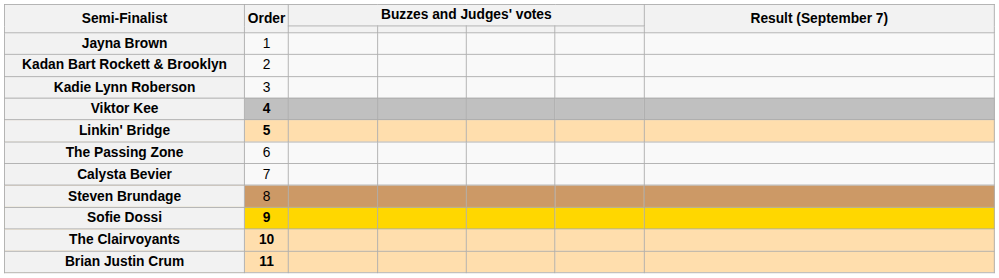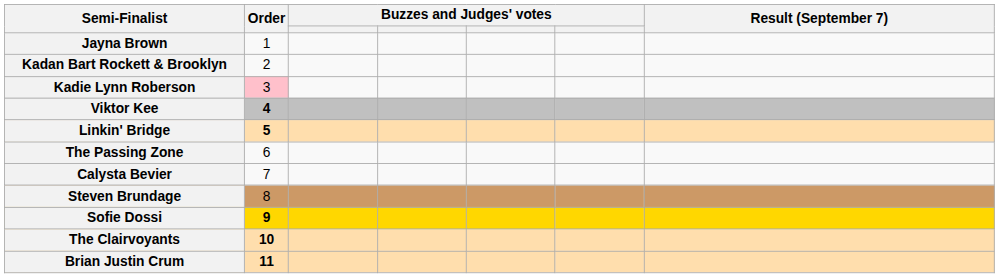 <table class="wikitable plainrowheaders sortable" style="text-align:center;">
 <tr>
 <th scope="col" rowspan="2" class="unsortable" style="width:17em;">Semi-Finalist</th>
 <th scope="col" rowspan="2" style="width:1em;">Order</th>
 <th scope="col" colspan="4" class="unsortable" style="width:24em;">Buzzes and Judges' votes</th>
 <th scope="col" rowspan="2" style="width:25em;">Result (September 7)</th>
 </tr>
 <tr>
 <th scope="col" class="unsortable" style="width:6em;"></th>
 <th scope="col" class="unsortable" style="width:6em;"></th>
 <th scope="col" class="unsortable" style="width:6em;"></th>
 <th scope="col" class="unsortable" style="width:6em;"></th>
 </tr>
 <tr>
 <th scope="row">Jayna Brown</th>
 <td>1</td>
 <td style="text-align:center;"></td>
 <td style="text-align:center;"></td>
 <td style="text-align:center;"></td>
 <td style="text-align:center;"></td>
 <td></td>
 </tr>
 <tr>
 <th scope="row">Kadan Bart Rockett & Brooklyn</th>
 <td>2</td>
 <td style="text-align:center;"></td>
 <td style="text-align:center;"></td>
 <td style="text-align:center;"></td>
 <td style="text-align:center;"></td>
 <td></td>
 </tr>
 <tr>
 <th scope="row">Kadie Lynn Roberson</th>
-<td>3</td>
+<td style="background: pink;">3</td>
 <td style="text-align:center;"></td>
 <td style="text-align:center;"></td>
 <td style="text-align:center;"></td>
 <td style="text-align:center;"></td>
 <td></td>
 </tr>
 <tr style="background:silver;">
 <th scope="row"><strong>Viktor Kee</strong></th>
 <td><strong>4</strong></td>
 <td style="text-align:center;"></td>
 <td style="text-align:center;"></td>
 <td style="text-align:center;"></td>
 <td style="text-align:center;"></td>
 <td><strong></strong></td>
 </tr>
 <tr style="background:NavajoWhite;">
 <th scope="row"><strong>Linkin' Bridge</strong></th>
 <td><strong>5</strong></td>
 <td style="text-align:center;"></td>
 <td style="text-align:center;"></td>
 <td style="text-align:center;"></td>
 <td style="text-align:center;"></td>
 <td><strong></strong></td>
 </tr>
 <tr>
 <th scope="row">The Passing Zone</th>
 <td>6</td>
 <td style="text-align:center;"></td>
 <td style="text-align:center;"></td>
 <td style="text-align:center;"></td>
 <td style="text-align:center;"></td>
 <td></td>
 </tr>
 <tr>
 <th scope="row">Calysta Bevier</th>
 <td>7</td>
 <td style="text-align:center;"></td>
 <td style="text-align:center;"></td>
 <td style="text-align:center;"></td>
 <td style="text-align:center;"></td>
 <td></td>
 </tr>
 <tr style="background:#c96;">
 <th scope="row">Steven Brundage</th>
 <td>8</td>
 <td style="text-align:center;"></td>
 <td style="text-align:center;"></td>
 <td style="text-align:center;"></td>
 <td style="text-align:center;"></td>
 <td></td>
 </tr>
 <tr style="background:gold;">
 <th scope="row"><strong>Sofie Dossi</strong></th>
 <td><strong>9</strong></td>
 <td style="text-align:center;"></td>
 <td style="text-align:center;"></td>
 <td style="text-align:center;"></td>
 <td style="text-align:center;"></td>
 <td><strong></strong></td>
 </tr>
 <tr style="background:NavajoWhite;">
 <th scope="row"><strong>The Clairvoyants</strong></th>
 <td><strong>10</strong></td>
 <td style="text-align:center;"></td>
 <td style="text-align:center;"></td>
 <td style="text-align:center;"></td>
 <td style="text-align:center;"></td>
 <td><strong></strong></td>
 </tr>
 <tr style="background:NavajoWhite;">
 <th scope="row"><strong>Brian Justin Crum</strong></th>
 <td><strong>11</strong></td>
 <td style="text-align:center;"></td>
 <td style="text-align:center;"></td>
 <td style="text-align:center;"></td>
 <td style="text-align:center;"></td>
 <td><strong></strong></td>
 </tr>
 </table>
